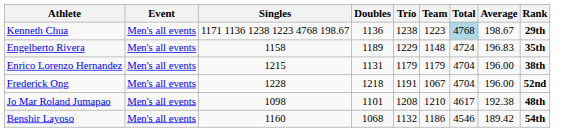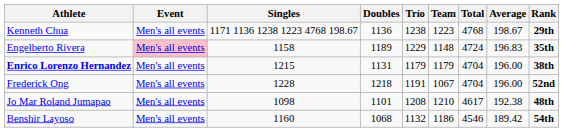 <table class="wikitable" border="1" style="font-size:90%">
 <tr>
 <th>Athlete</th>
 <th>Event</th>
 <th>Singles</th>
 <th>Doubles</th>
 <th>Trío</th>
 <th>Team</th>
 <th>Total</th>
 <th>Average</th>
 <th>Rank</th>
 </tr>
 <tr>
 <td><a href='#'>Kenneth Chua</a></td>
 <td><a href='#'>Men's all events</a></td>
 <td align=center>1171 	1136 	1238 	1223 	4768 	198.67</td>
 <td align=center>1136</td>
 <td align=center>1238</td>
 <td align=center>1223</td>
-<td align=center style="background: lightblue;">4768</td>
+<td align=center>4768</td>
 <td align=center>198.67</td>
 <td align=center><strong>29th</strong></td>
 </tr>
 <tr>
 <td><a href='#'>Engelberto Rivera</a></td>
-<td><a href='#'>Men's all events</a></td>
+<td style="background: pink;"><a href='#'>Men's all events</a></td>
 <td align=center>1158</td>
 <td align=center>1189</td>
 <td align=center>1229</td>
 <td align=center>1148</td>
 <td align=center>4724</td>
 <td align=center>196.83</td>
 <td align=center><strong>35th</strong></td>
 </tr>
 <tr>
-<td><a href='#'>Enrico Lorenzo Hernandez</a></td>
+<td><strong><a href='#'>Enrico Lorenzo Hernandez</a></strong></td>
 <td><a href='#'>Men's all events</a></td>
 <td align=center>1215</td>
 <td align=center>1131</td>
 <td align=center>1179</td>
 <td align=center>1179</td>
 <td align=center>4704</td>
 <td align=center>196.00</td>
 <td align=center><strong>38th</strong></td>
 </tr>
 <tr>
 <td><a href='#'>Frederick Ong</a></td>
 <td><a href='#'>Men's all events</a></td>
 <td align=center>1228</td>
 <td align=center>1218</td>
 <td align=center>1191</td>
 <td align=center>1067</td>
 <td align=center>4704</td>
 <td align=center>196.00</td>
 <td align=center><strong>52nd</strong></td>
 </tr>
 <tr>
 <td><a href='#'>Jo Mar Roland Jumapao</a></td>
 <td><a href='#'>Men's all events</a></td>
 <td align=center>1098</td>
 <td align=center>1101</td>
 <td align=center>1208</td>
 <td align=center>1210</td>
 <td align=center>4617</td>
 <td align=center>192.38</td>
 <td align=center><strong>48th</strong></td>
 </tr>
 <tr>
 <td><a href='#'>Benshir Layoso</a></td>
 <td><a href='#'>Men's all events</a></td>
 <td align=center>1160</td>
 <td align=center>1068</td>
 <td align=center>1132</td>
 <td align=center>1186</td>
 <td align=center>4546</td>
 <td align=center>189.42</td>
 <td align=center><strong>54th</strong></td>
 </tr>
 </table>
